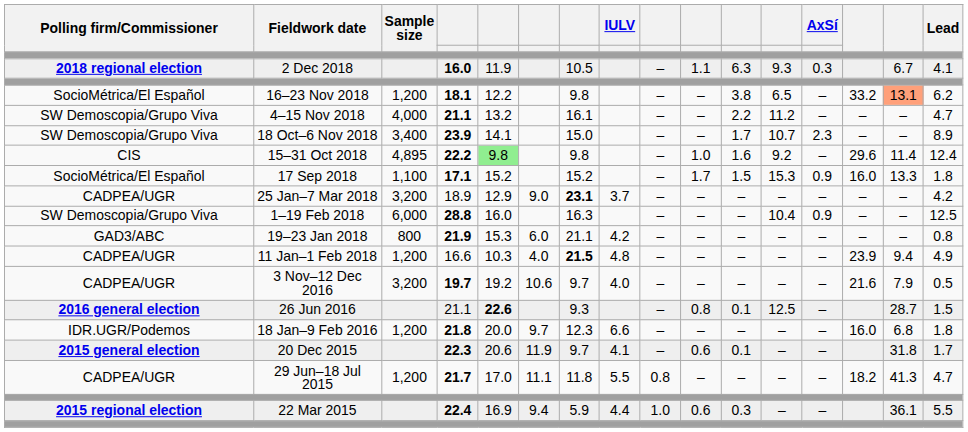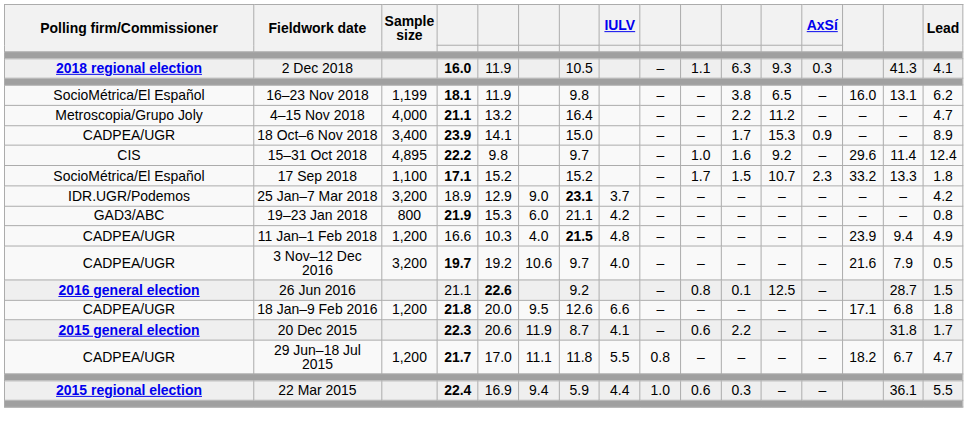 <table class="wikitable collapsible collapsed" style="text-align:center; font-size:90%; line-height:14px;">
 <tr style="height:42px;">
 <th style="width:250px;" rowspan="2">Polling firm/Commissioner</th>
 <th style="width:125px;" rowspan="2">Fieldwork date</th>
 <th style="width:50px;" rowspan="2">Sample size</th>
 <th style="width:35px;"></th>
 <th style="width:35px;"></th>
 <th style="width:35px;"></th>
 <th style="width:35px;"></th>
 <th style="width:35px;"><a href='#'>IULV</a></th>
 <th style="width:35px;"></th>
 <th style="width:35px;"></th>
 <th style="width:35px;"></th>
 <th style="width:35px;"></th>
 <th style="width:35px;"><a href='#'>AxSí</a></th>
 <th style="width:35px;" rowspan="2"></th>
 <th style="width:35px;" rowspan="2"></th>
 <th style="width:30px;" rowspan="2">Lead</th>
 </tr>
 <tr>
 <th style="color:inherit;background:"></th>
 <th style="color:inherit;background:"></th>
 <th style="color:inherit;background:"></th>
 <th style="color:inherit;background:"></th>
 <th style="color:inherit;background:"></th>
 <th style="color:inherit;background:"></th>
 <th style="color:inherit;background:"></th>
 <th style="color:inherit;background:"></th>
 <th style="color:inherit;background:"></th>
 <th style="color:inherit;background:"></th>
 </tr>
 <tr>
 <td colspan="16" style="background:#A0A0A0"></td>
 </tr>
 <tr style="background:#EFEFEF;">
 <td><strong><a href='#'>2018 regional election</a></strong></td>
 <td>2 Dec 2018</td>
 <td></td>
 <td><strong>16.0</strong></td>
 <td>11.9</td>
 <td></td>
 <td>10.5</td>
 <td></td>
 <td>–</td>
 <td>1.1</td>
 <td>6.3</td>
 <td>9.3</td>
 <td>0.3</td>
 <td></td>
-<td>6.7</td>
+<td>41.3</td>
 <td style="background:">4.1</td>
 </tr>
 <tr>
 <td colspan="16" style="background:#A0A0A0"></td>
 </tr>
 <tr>
 <td>SocioMétrica/El Español</td>
 <td>16–23 Nov 2018</td>
-<td>1,200</td>
+<td>1,199</td>
 <td><strong>18.1</strong></td>
-<td>12.2</td>
+<td>11.9</td>
 <td></td>
 <td>9.8</td>
 <td></td>
 <td>–</td>
 <td>–</td>
 <td>3.8</td>
 <td>6.5</td>
 <td>–</td>
-<td>33.2</td>
-<td style="background: lightsalmon;">13.1</td>
+<td>16.0</td>
+<td>13.1</td>
 <td style="background:">6.2</td>
 </tr>
 <tr>
-<td>SW Demoscopia/Grupo Viva</td>
+<td>Metroscopia/Grupo Joly</td>
 <td>4–15 Nov 2018</td>
 <td>4,000</td>
 <td><strong>21.1</strong></td>
 <td>13.2</td>
 <td></td>
-<td>16.1</td>
+<td>16.4</td>
 <td></td>
 <td>–</td>
 <td>–</td>
 <td>2.2</td>
 <td>11.2</td>
 <td>–</td>
 <td>–</td>
 <td>–</td>
 <td style="background:">4.7</td>
 </tr>
 <tr>
-<td>SW Demoscopia/Grupo Viva</td>
+<td>CADPEA/UGR</td>
 <td>18 Oct–6 Nov 2018</td>
 <td>3,400</td>
 <td><strong>23.9</strong></td>
 <td>14.1</td>
 <td></td>
 <td>15.0</td>
 <td></td>
 <td>–</td>
 <td>–</td>
 <td>1.7</td>
-<td>10.7</td>
-<td>2.3</td>
+<td>15.3</td>
+<td>0.9</td>
 <td>–</td>
 <td>–</td>
 <td style="background:">8.9</td>
 </tr>
 <tr>
 <td>CIS</td>
 <td>15–31 Oct 2018</td>
 <td>4,895</td>
 <td><strong>22.2</strong></td>
-<td style="background: lightgreen;">9.8</td>
+<td>9.8</td>
 <td></td>
-<td>9.8</td>
+<td>9.7</td>
 <td></td>
 <td>–</td>
 <td>1.0</td>
 <td>1.6</td>
 <td>9.2</td>
 <td>–</td>
 <td>29.6</td>
 <td>11.4</td>
 <td style="background:">12.4</td>
 </tr>
 <tr>
 <td>SocioMétrica/El Español</td>
 <td>17 Sep 2018</td>
 <td>1,100</td>
 <td><strong>17.1</strong></td>
 <td>15.2</td>
 <td></td>
 <td>15.2</td>
 <td></td>
 <td>–</td>
 <td>1.7</td>
 <td>1.5</td>
-<td>15.3</td>
-<td>0.9</td>
-<td>16.0</td>
+<td>10.7</td>
+<td>2.3</td>
+<td>33.2</td>
 <td>13.3</td>
 <td style="background:">1.8</td>
 </tr>
 <tr>
-<td>CADPEA/UGR</td>
+<td>IDR.UGR/Podemos</td>
 <td>25 Jan–7 Mar 2018</td>
 <td>3,200</td>
 <td>18.9</td>
 <td>12.9</td>
 <td>9.0</td>
 <td><strong>23.1</strong></td>
 <td>3.7</td>
 <td>–</td>
 <td>–</td>
 <td>–</td>
 <td>–</td>
 <td>–</td>
 <td>–</td>
 <td>–</td>
 <td style="background:">4.2</td>
-</tr>
-<tr>
-<td>SW Demoscopia/Grupo Viva</td>
-<td>1–19 Feb 2018</td>
-<td>6,000</td>
-<td><strong>28.8</strong></td>
-<td>16.0</td>
-<td></td>
-<td>16.3</td>
-<td></td>
-<td>–</td>
-<td>–</td>
-<td>–</td>
-<td>10.4</td>
-<td>0.9</td>
-<td>–</td>
-<td>–</td>
-<td style="background:">12.5</td>
 </tr>
 <tr>
 <td>GAD3/ABC</td>
 <td>19–23 Jan 2018</td>
 <td>800</td>
 <td><strong>21.9</strong></td>
 <td>15.3</td>
 <td>6.0</td>
 <td>21.1</td>
 <td>4.2</td>
 <td>–</td>
 <td>–</td>
 <td>–</td>
 <td>–</td>
 <td>–</td>
 <td>–</td>
 <td>–</td>
 <td style="background:">0.8</td>
 </tr>
 <tr>
 <td>CADPEA/UGR</td>
 <td>11 Jan–1 Feb 2018</td>
 <td>1,200</td>
 <td>16.6</td>
 <td>10.3</td>
 <td>4.0</td>
 <td><strong>21.5</strong></td>
 <td>4.8</td>
 <td>–</td>
 <td>–</td>
 <td>–</td>
 <td>–</td>
 <td>–</td>
 <td>23.9</td>
 <td>9.4</td>
 <td style="background:">4.9</td>
 </tr>
 <tr>
 <td>CADPEA/UGR</td>
 <td>3 Nov–12 Dec 2016</td>
 <td>3,200</td>
 <td><strong>19.7</strong></td>
 <td>19.2</td>
 <td>10.6</td>
 <td>9.7</td>
 <td>4.0</td>
 <td>–</td>
 <td>–</td>
 <td>–</td>
 <td>–</td>
 <td>–</td>
 <td>21.6</td>
 <td>7.9</td>
 <td style="background:">0.5</td>
 </tr>
 <tr style="background:#EFEFEF;">
 <td><strong><a href='#'>2016 general election</a></strong></td>
 <td>26 Jun 2016</td>
 <td></td>
 <td>21.1</td>
 <td><strong>22.6</strong></td>
 <td></td>
-<td>9.3</td>
+<td>9.2</td>
 <td></td>
 <td>–</td>
 <td>0.8</td>
 <td>0.1</td>
 <td>12.5</td>
 <td>–</td>
 <td></td>
 <td>28.7</td>
 <td style="background:">1.5</td>
 </tr>
 <tr>
-<td>IDR.UGR/Podemos</td>
+<td>CADPEA/UGR</td>
 <td>18 Jan–9 Feb 2016</td>
 <td>1,200</td>
 <td><strong>21.8</strong></td>
 <td>20.0</td>
-<td>9.7</td>
-<td>12.3</td>
+<td>9.5</td>
+<td>12.6</td>
 <td>6.6</td>
 <td>–</td>
 <td>–</td>
 <td>–</td>
 <td>–</td>
 <td>–</td>
-<td>16.0</td>
+<td>17.1</td>
 <td>6.8</td>
 <td style="background:">1.8</td>
 </tr>
 <tr style="background:#EFEFEF;">
 <td><strong><a href='#'>2015 general election</a></strong></td>
 <td>20 Dec 2015</td>
 <td></td>
 <td><strong>22.3</strong></td>
 <td>20.6</td>
 <td>11.9</td>
-<td>9.7</td>
+<td>8.7</td>
 <td>4.1</td>
 <td>–</td>
 <td>0.6</td>
-<td>0.1</td>
+<td>2.2</td>
 <td>–</td>
 <td>–</td>
 <td></td>
 <td>31.8</td>
 <td style="background:">1.7</td>
 </tr>
 <tr>
 <td>CADPEA/UGR</td>
 <td>29 Jun–18 Jul 2015</td>
 <td>1,200</td>
 <td><strong>21.7</strong></td>
 <td>17.0</td>
 <td>11.1</td>
 <td>11.8</td>
 <td>5.5</td>
 <td>0.8</td>
 <td>–</td>
 <td>–</td>
 <td>–</td>
 <td>–</td>
 <td>18.2</td>
-<td>41.3</td>
+<td>6.7</td>
 <td style="background:">4.7</td>
 </tr>
 <tr>
 <td colspan="16" style="background:#A0A0A0"></td>
 </tr>
 <tr style="background:#EFEFEF;">
 <td><strong><a href='#'>2015 regional election</a></strong></td>
 <td>22 Mar 2015</td>
 <td></td>
 <td><strong>22.4</strong></td>
 <td>16.9</td>
 <td>9.4</td>
 <td>5.9</td>
 <td>4.4</td>
 <td>1.0</td>
 <td>0.6</td>
 <td>0.3</td>
 <td>–</td>
 <td>–</td>
 <td></td>
 <td>36.1</td>
 <td style="background:">5.5</td>
 </tr>
 <tr>
 <td colspan="16" style="background:#A0A0A0"></td>
 </tr>
 </table>
